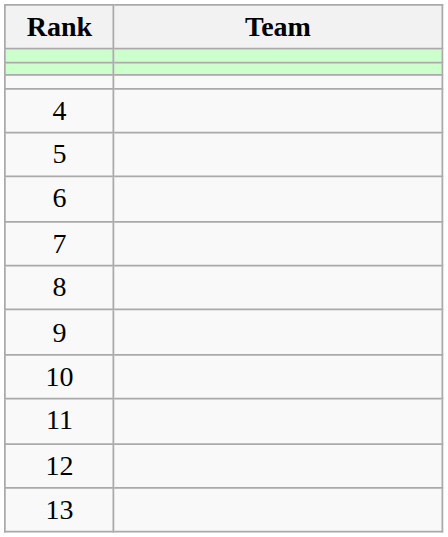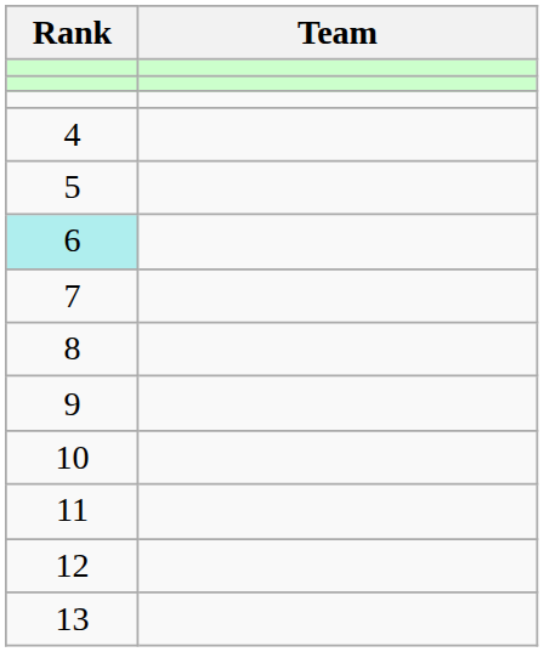 <table class="wikitable" style="text-align: center;">
 <tr>
 <th width="55">Rank</th>
 <th width="180">Team</th>
 </tr>
 <tr bgcolor="ccffcc">
 <td></td>
 <td align="left"></td>
 </tr>
 <tr bgcolor="ccffcc">
 <td></td>
 <td align="left"></td>
 </tr>
 <tr>
 <td></td>
 <td align="left"></td>
 </tr>
 <tr>
 <td>4</td>
 <td align="left"></td>
 </tr>
 <tr>
 <td>5</td>
 <td align="left"></td>
 </tr>
 <tr>
-<td>6</td>
+<td style="background: paleturquoise;">6</td>
 <td align="left"></td>
 </tr>
 <tr>
 <td>7</td>
 <td align="left"></td>
 </tr>
 <tr>
 <td>8</td>
 <td align="left"></td>
 </tr>
 <tr>
 <td>9</td>
 <td align="left"></td>
 </tr>
 <tr>
 <td>10</td>
 <td align="left"></td>
 </tr>
 <tr>
 <td>11</td>
 <td align="left"></td>
 </tr>
 <tr>
 <td>12</td>
 <td align="left"></td>
 </tr>
 <tr>
 <td>13</td>
 <td align="left"></td>
 </tr>
 </table>
